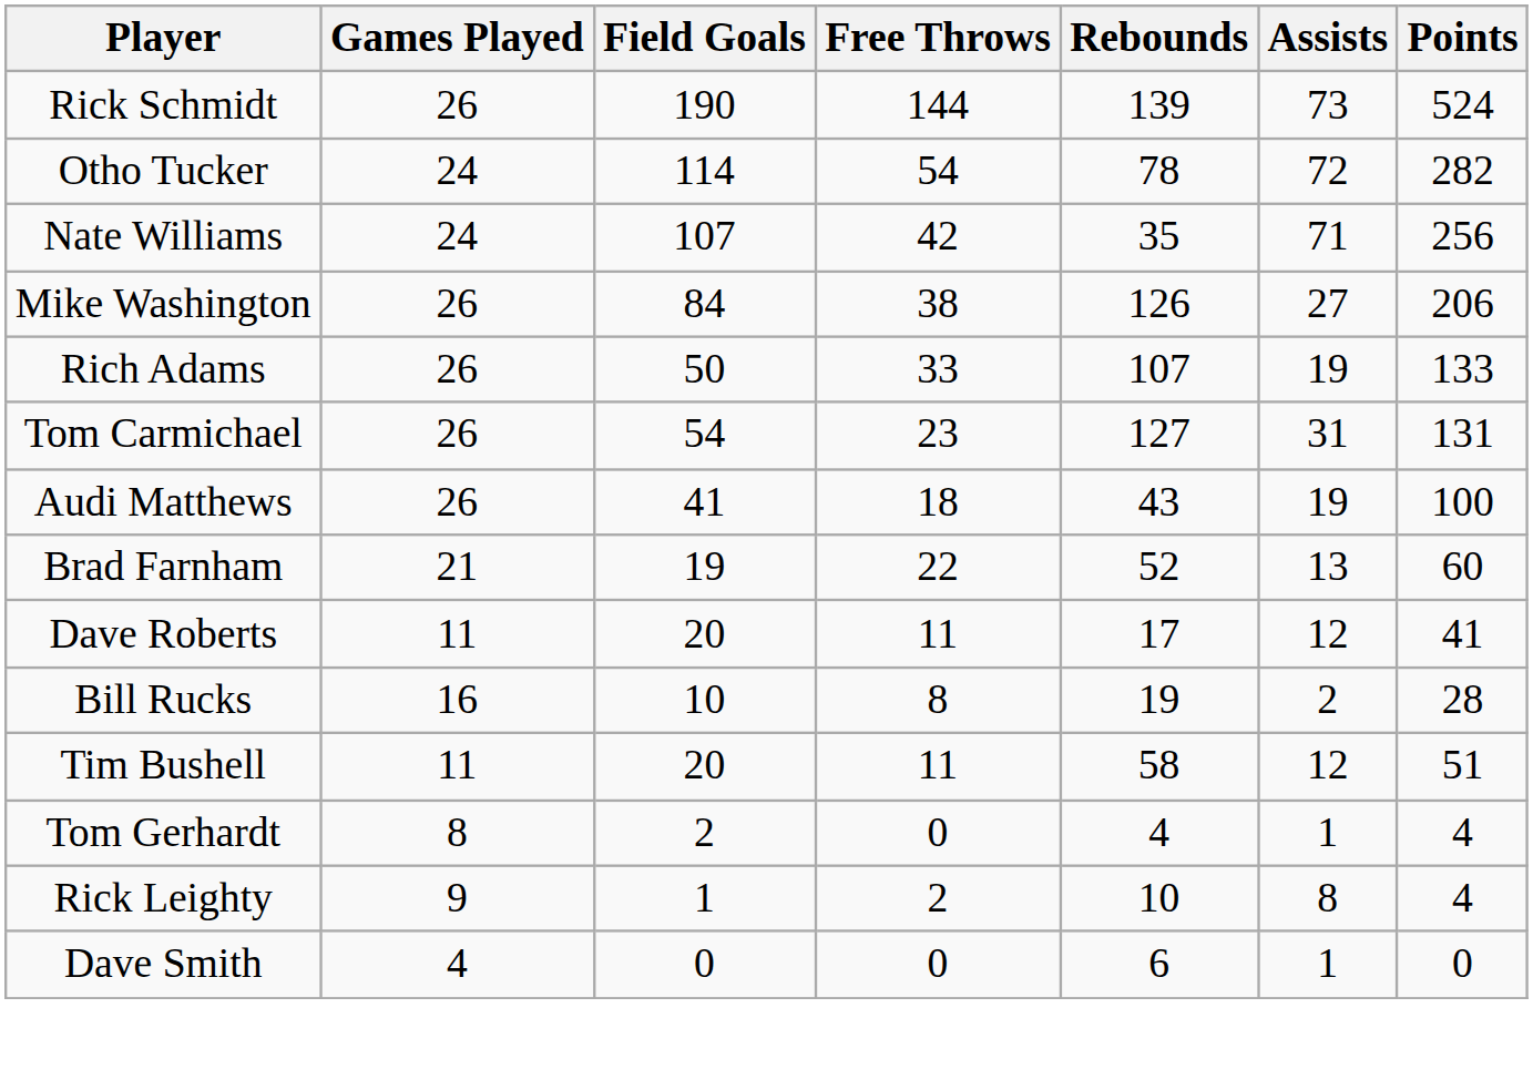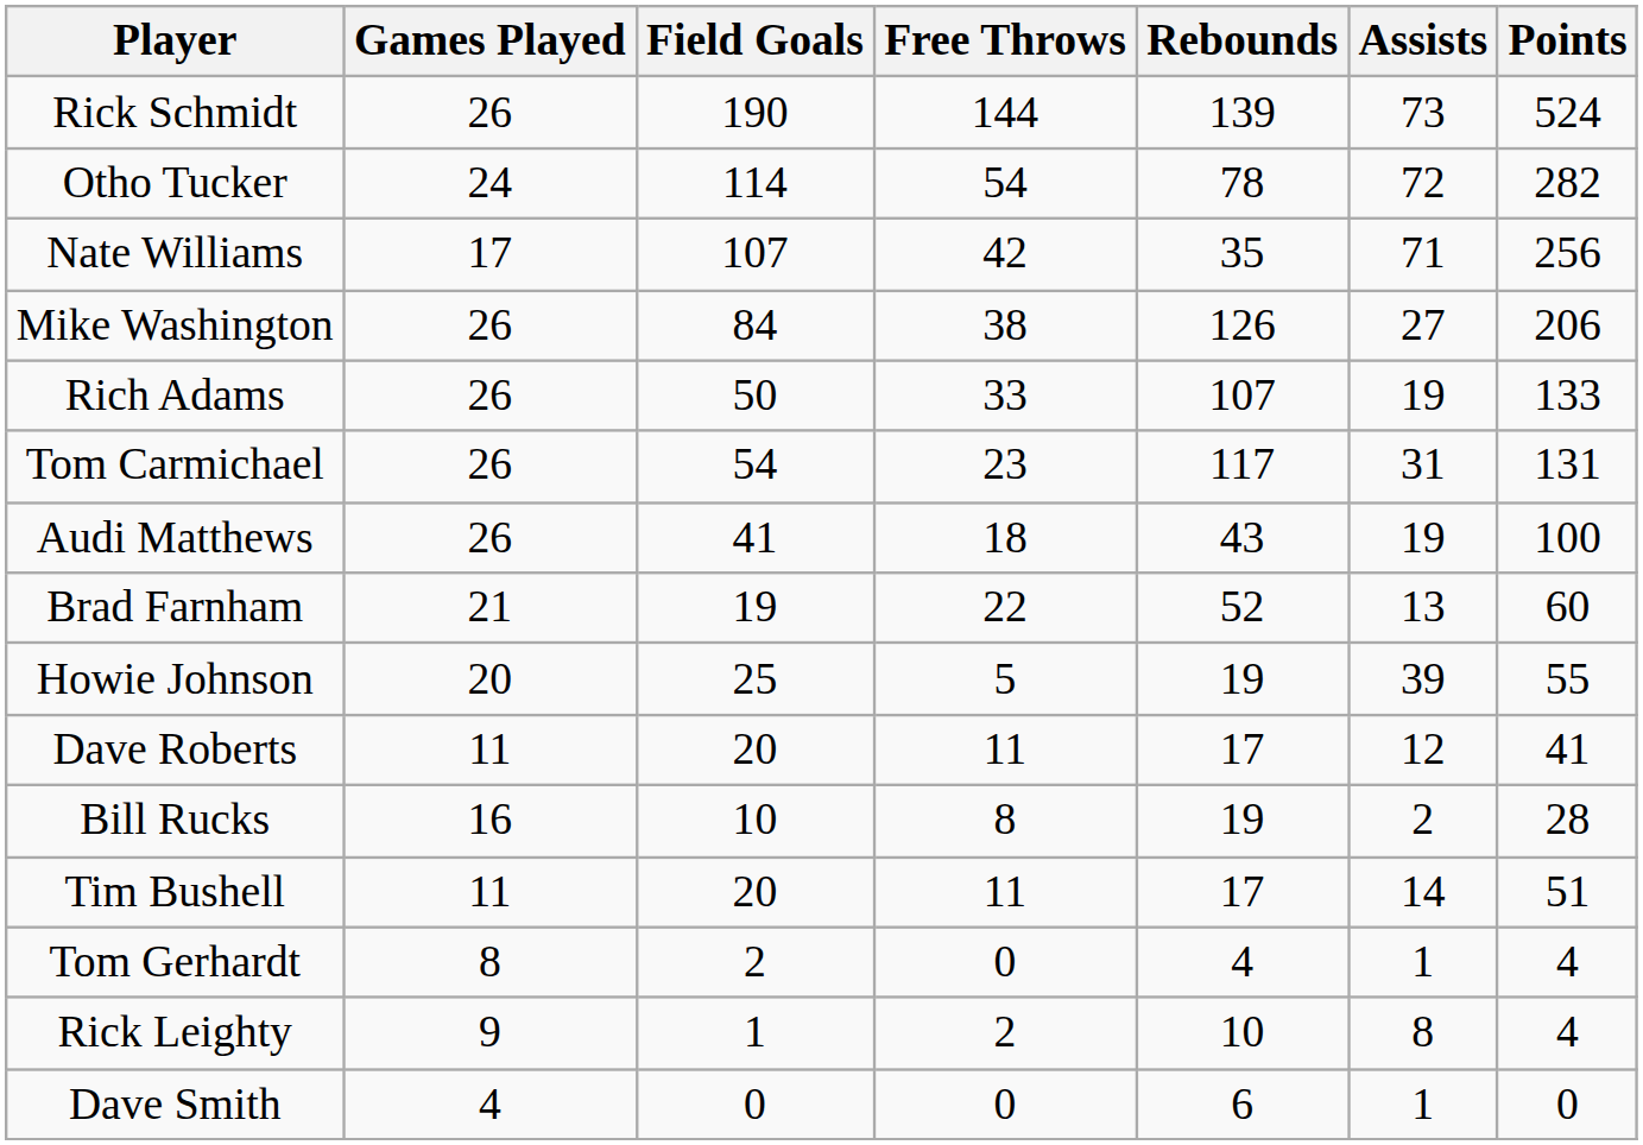 <table class="wikitable sortable">
 <tr>
 <th>Player</th>
 <th>Games Played</th>
 <th>Field Goals</th>
 <th>Free Throws</th>
 <th>Rebounds</th>
 <th>Assists</th>
 <th>Points</th>
 </tr>
 <tr align="center" bgcolor="">
 <td>Rick Schmidt</td>
 <td>26</td>
 <td>190</td>
 <td>144</td>
 <td>139</td>
 <td>73</td>
 <td>524</td>
 </tr>
 <tr align="center" bgcolor="">
 <td>Otho Tucker</td>
 <td>24</td>
 <td>114</td>
 <td>54</td>
 <td>78</td>
 <td>72</td>
 <td>282</td>
 </tr>
 <tr align="center" bgcolor="">
 <td>Nate Williams</td>
-<td>24</td>
+<td>17</td>
 <td>107</td>
 <td>42</td>
 <td>35</td>
 <td>71</td>
 <td>256</td>
 </tr>
 <tr align="center" bgcolor="">
 <td>Mike Washington</td>
 <td>26</td>
 <td>84</td>
 <td>38</td>
 <td>126</td>
 <td>27</td>
 <td>206</td>
 </tr>
 <tr align="center" bgcolor="">
 <td>Rich Adams</td>
 <td>26</td>
 <td>50</td>
 <td>33</td>
 <td>107</td>
 <td>19</td>
 <td>133</td>
 </tr>
 <tr align="center" bgcolor="">
 <td>Tom Carmichael</td>
 <td>26</td>
 <td>54</td>
 <td>23</td>
-<td>127</td>
+<td>117</td>
 <td>31</td>
 <td>131</td>
 </tr>
 <tr align="center" bgcolor="">
 <td>Audi Matthews</td>
 <td>26</td>
 <td>41</td>
 <td>18</td>
 <td>43</td>
 <td>19</td>
 <td>100</td>
 </tr>
 <tr align="center" bgcolor="">
 <td>Brad Farnham</td>
 <td>21</td>
 <td>19</td>
 <td>22</td>
 <td>52</td>
 <td>13</td>
 <td>60</td>
+</tr>
+<tr align="center" bgcolor="">
+<td>Howie Johnson</td>
+<td>20</td>
+<td>25</td>
+<td>5</td>
+<td>19</td>
+<td>39</td>
+<td>55</td>
 </tr>
 <tr align="center" bgcolor="">
 <td>Dave Roberts</td>
 <td>11</td>
 <td>20</td>
 <td>11</td>
 <td>17</td>
 <td>12</td>
 <td>41</td>
 </tr>
 <tr align="center" bgcolor="">
 <td>Bill Rucks</td>
 <td>16</td>
 <td>10</td>
 <td>8</td>
 <td>19</td>
 <td>2</td>
 <td>28</td>
 </tr>
 <tr align="center" bgcolor="">
 <td>Tim Bushell</td>
 <td>11</td>
 <td>20</td>
 <td>11</td>
-<td>58</td>
-<td>12</td>
+<td>17</td>
+<td>14</td>
 <td>51</td>
 </tr>
 <tr align="center" bgcolor="">
 <td>Tom Gerhardt</td>
 <td>8</td>
 <td>2</td>
 <td>0</td>
 <td>4</td>
 <td>1</td>
 <td>4</td>
 </tr>
 <tr align="center" bgcolor="">
 <td>Rick Leighty</td>
 <td>9</td>
 <td>1</td>
 <td>2</td>
 <td>10</td>
 <td>8</td>
 <td>4</td>
 </tr>
 <tr align="center" bgcolor="">
 <td>Dave Smith</td>
 <td>4</td>
 <td>0</td>
 <td>0</td>
 <td>6</td>
 <td>1</td>
 <td>0</td>
 </tr>
 <tr align="center" bgcolor="">
 </tr>
 </table>
